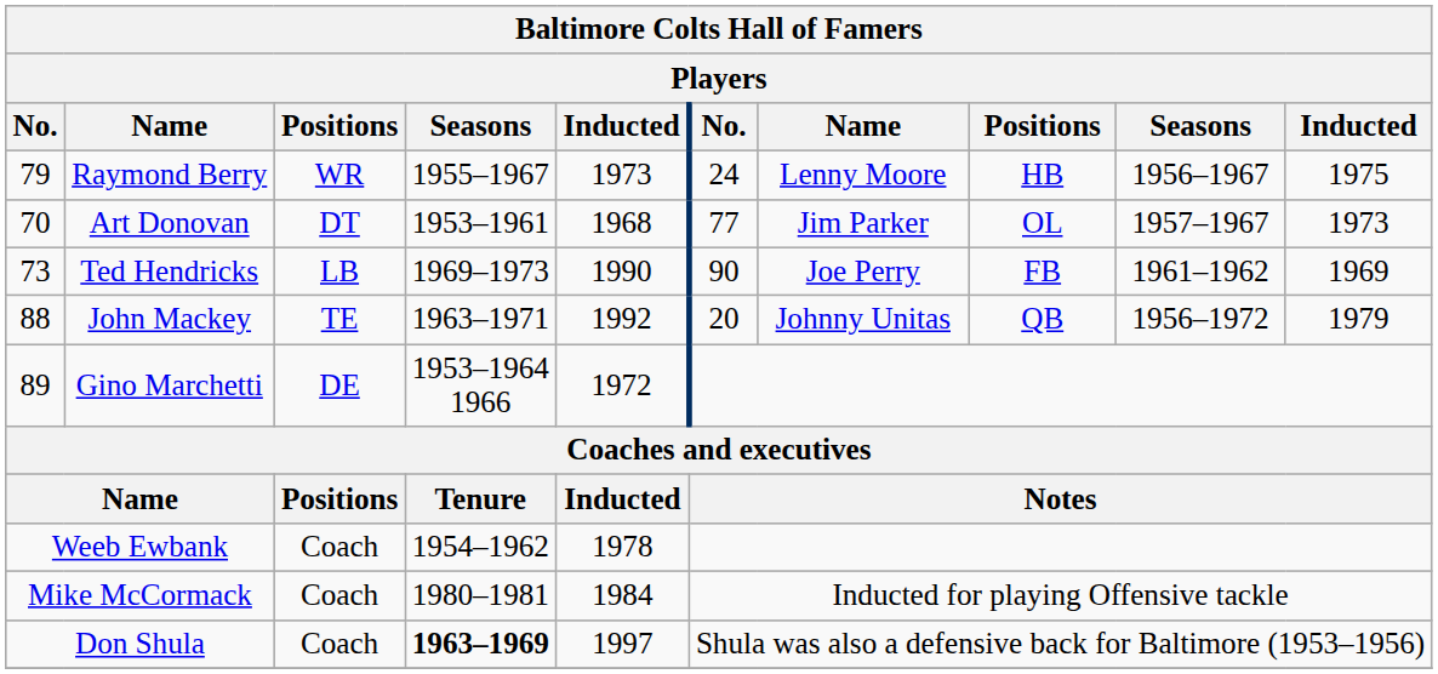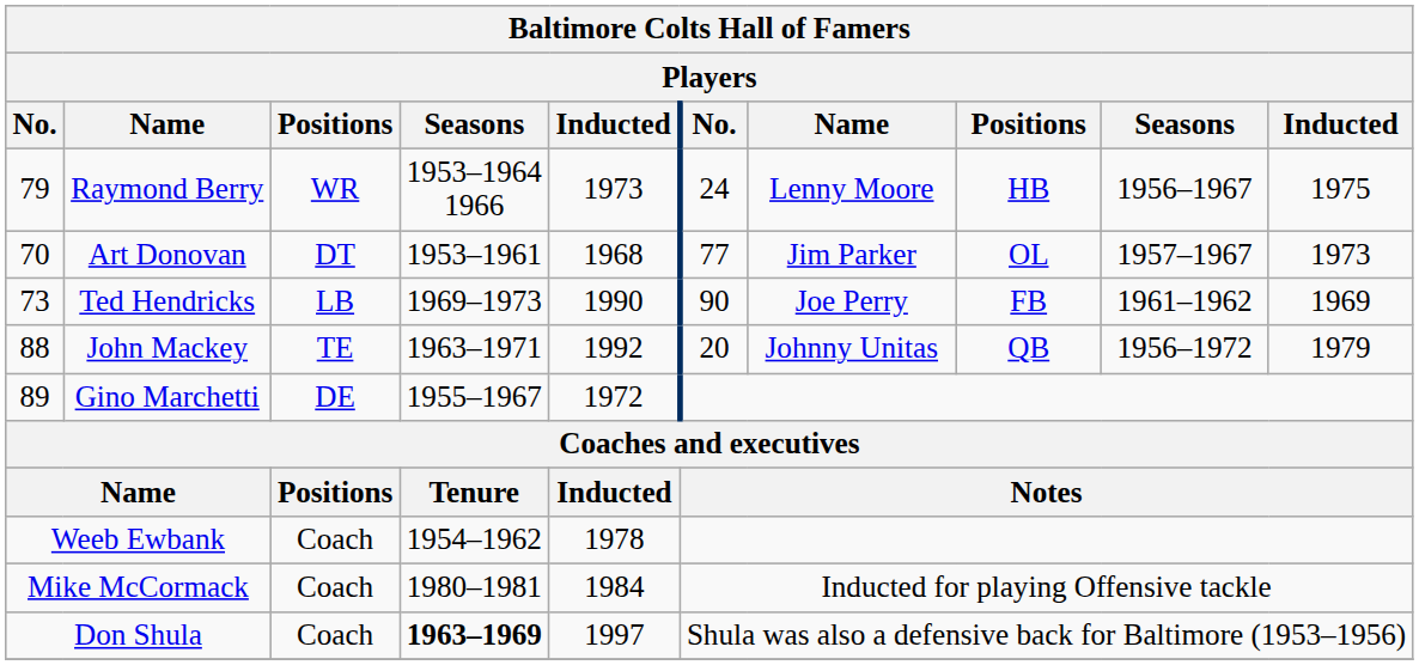 <table class="wikitable" style="text-align:center">
 <tr>
 <th colspan="10" style=><strong>Baltimore Colts Hall of Famers</strong></th>
 </tr>
 <tr>
 <th colspan="10">Players</th>
 </tr>
 <tr>
 <th>No.</th>
 <th>Name</th>
 <th>Positions</th>
 <th>Seasons</th>
 <th style="border-right:3px solid #002C5F">Inducted</th>
 <th>No.</th>
 <th>Name</th>
 <th>Positions</th>
 <th>Seasons</th>
 <th>Inducted</th>
 </tr>
 <tr>
 <td>79</td>
 <td><a href='#'>Raymond Berry</a></td>
 <td><a href='#'>WR</a></td>
-<td>1955–1967</td>
+<td>1953–1964<br>1966</td>
 <td style="border-right:3px solid #002C5F">1973</td>
 <td>24</td>
 <td><a href='#'>Lenny Moore</a></td>
 <td><a href='#'>HB</a></td>
 <td>1956–1967</td>
 <td>1975</td>
 </tr>
 <tr>
 <td>70</td>
 <td><a href='#'>Art Donovan</a></td>
 <td><a href='#'>DT</a></td>
 <td>1953–1961</td>
 <td style="border-right:3px solid #002C5F">1968</td>
 <td>77</td>
 <td><a href='#'>Jim Parker</a></td>
 <td><a href='#'>OL</a></td>
 <td>1957–1967</td>
 <td>1973</td>
 </tr>
 <tr>
 <td>73</td>
 <td><a href='#'>Ted Hendricks</a></td>
 <td><a href='#'>LB</a></td>
 <td>1969–1973</td>
 <td style="border-right:3px solid #002C5F">1990</td>
 <td>90</td>
 <td><a href='#'>Joe Perry</a></td>
 <td><a href='#'>FB</a></td>
 <td>1961–1962</td>
 <td>1969</td>
 </tr>
 <tr>
 <td>88</td>
 <td><a href='#'>John Mackey</a></td>
 <td><a href='#'>TE</a></td>
 <td>1963–1971</td>
 <td style="border-right:3px solid #002C5F">1992</td>
 <td>20</td>
 <td><a href='#'>Johnny Unitas</a></td>
 <td><a href='#'>QB</a></td>
 <td>1956–1972</td>
 <td>1979</td>
 </tr>
 <tr>
 <td>89</td>
 <td><a href='#'>Gino Marchetti</a></td>
 <td><a href='#'>DE</a></td>
-<td>1953–1964<br>1966</td>
+<td>1955–1967</td>
 <td style="border-right:3px solid #002C5F">1972</td>
 </tr>
 <tr>
 <th colspan="10">Coaches and executives</th>
 </tr>
 <tr>
 <th colspan="2">Name</th>
 <th>Positions</th>
 <th>Tenure</th>
 <th>Inducted</th>
 <th colspan="5">Notes</th>
 </tr>
 <tr align=center>
 <td colspan="2"><a href='#'>Weeb Ewbank</a></td>
 <td>Coach</td>
 <td>1954–1962</td>
 <td>1978</td>
 <td colspan="5"></td>
 </tr>
 <tr align=center>
 <td colspan="2"><a href='#'>Mike McCormack</a></td>
 <td>Coach</td>
 <td>1980–1981</td>
 <td>1984</td>
 <td colspan="5">Inducted for playing Offensive tackle</td>
 </tr>
 <tr align=center>
 <td colspan="2"><a href='#'>Don Shula</a></td>
 <td>Coach</td>
 <td><strong>1963–1969</strong></td>
 <td>1997</td>
 <td colspan="5">Shula was also a defensive back for Baltimore (1953–1956)</td>
 </tr>
 <tr align=center>
 </tr>
 </table>
